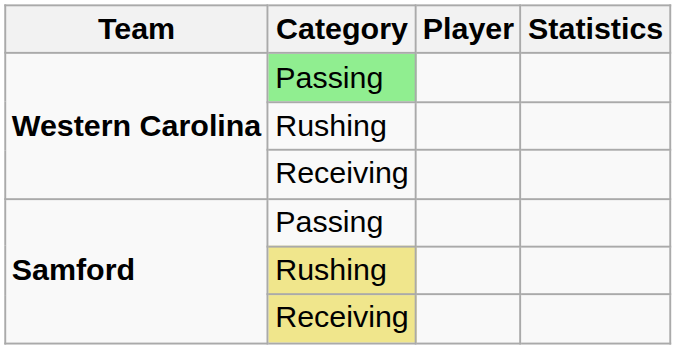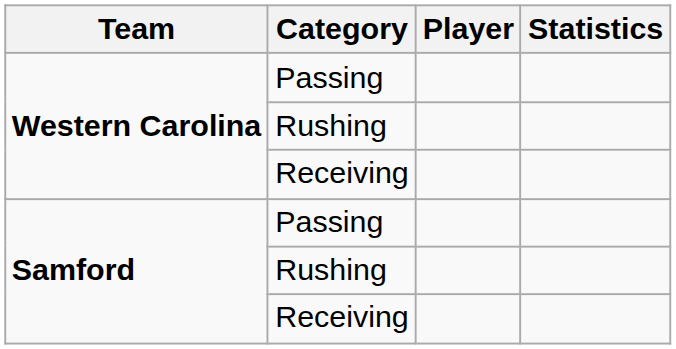 <table class="wikitable" style="float: right;">
 <tr>
 <th>Team</th>
 <th>Category</th>
 <th>Player</th>
 <th>Statistics</th>
 </tr>
 <tr>
 <td rowspan=3><strong>Western Carolina</strong></td>
-<td style="background: lightgreen;">Passing</td>
+<td>Passing</td>
 <td></td>
 <td></td>
 </tr>
 <tr>
 <td>Rushing</td>
 <td></td>
 <td></td>
 </tr>
 <tr>
 <td>Receiving</td>
 <td></td>
 <td></td>
 </tr>
 <tr>
 <td rowspan=3><strong>Samford</strong></td>
 <td>Passing</td>
 <td></td>
 <td></td>
 </tr>
 <tr>
-<td style="background: khaki;">Rushing</td>
+<td>Rushing</td>
 <td></td>
 <td></td>
 </tr>
 <tr>
-<td style="background: khaki;">Receiving</td>
+<td>Receiving</td>
 <td></td>
 <td></td>
 </tr>
 </table>
